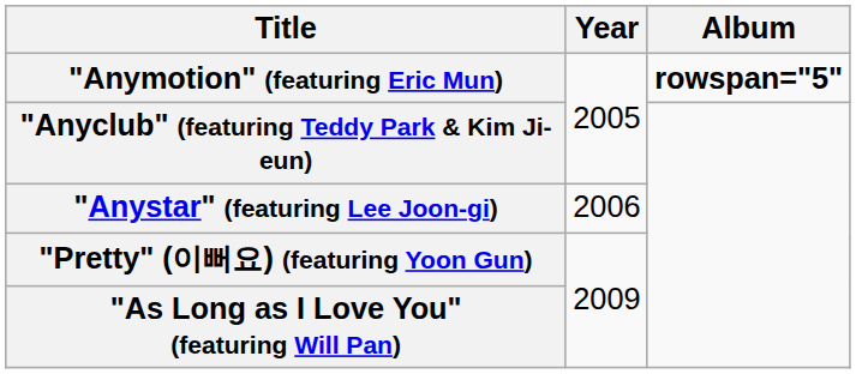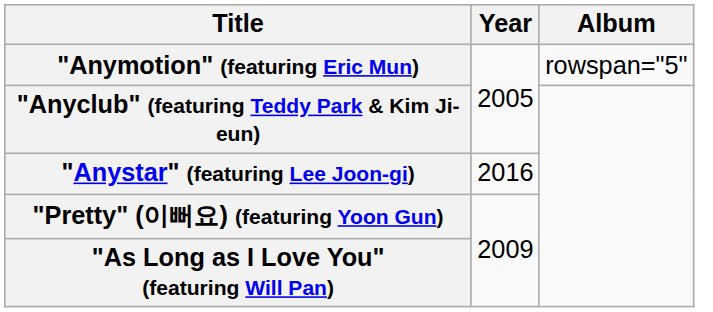 <table class="wikitable plainrowheaders" style="text-align:center">
 <tr>
 <th rowspan="1" scope="col" style="width:18em;">Title</th>
 <th rowspan="1" scope="col">Year</th>
 <th rowspan="1" scope="col">Album</th>
 </tr>
 <tr>
 <th scope="row">"Anymotion" <small>(featuring <a href='#'>Eric Mun</a>)</small></th>
 <td rowspan="2">2005</td>
-<td><strong>rowspan="5" </strong></td>
+<td>rowspan="5" </td>
 </tr>
 <tr>
 <th scope="row">"Anyclub" <small>(featuring <a href='#'>Teddy Park</a> & Kim Ji-eun)</small></th>
 </tr>
 <tr>
 <th scope="row">"<a href='#'>Anystar</a>" <small>(featuring <a href='#'>Lee Joon-gi</a>)</small></th>
-<td>2006</td>
+<td>2016</td>
 </tr>
 <tr>
 <th scope="row">"Pretty" (이뻐요) <small>(featuring <a href='#'>Yoon Gun</a>)</small></th>
 <td rowspan="2">2009</td>
 </tr>
 <tr>
 <th scope="row">"As Long as I Love You"<br><small>(featuring <a href='#'>Will Pan</a>)</small></th>
 </tr>
 </table>
